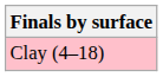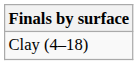 <table class="wikitable" style="font-size:85%">
 <tr>
 <th>Finals by surface</th>
 </tr>
 <tr>
-<td style="background: pink;">Clay (4–18)</td>
+<td>Clay (4–18)</td>
 </tr>
 </table>
